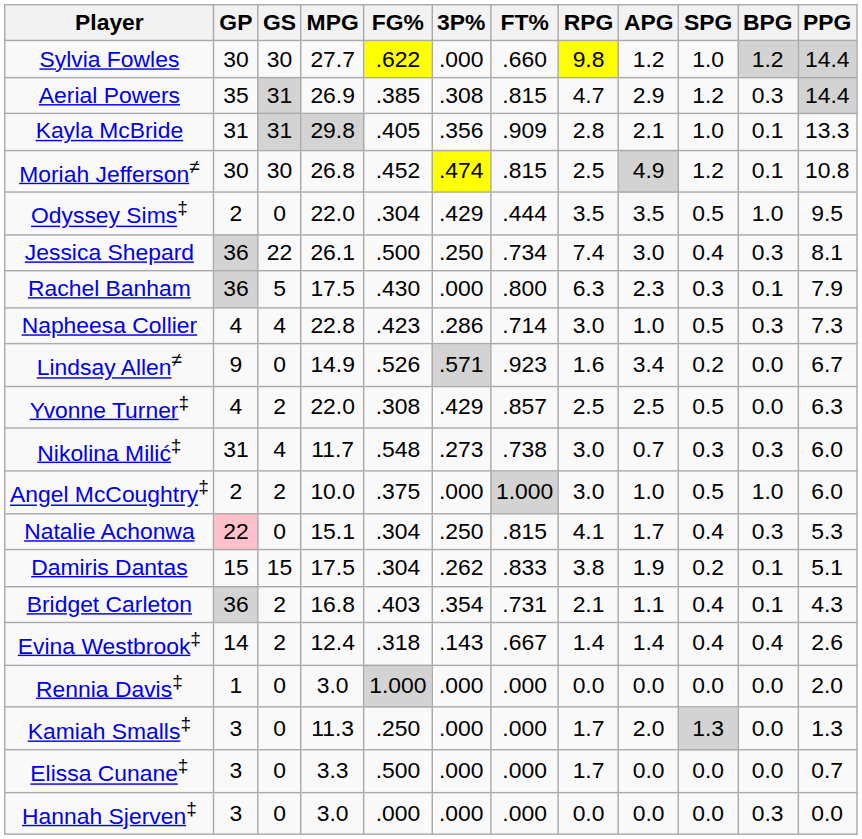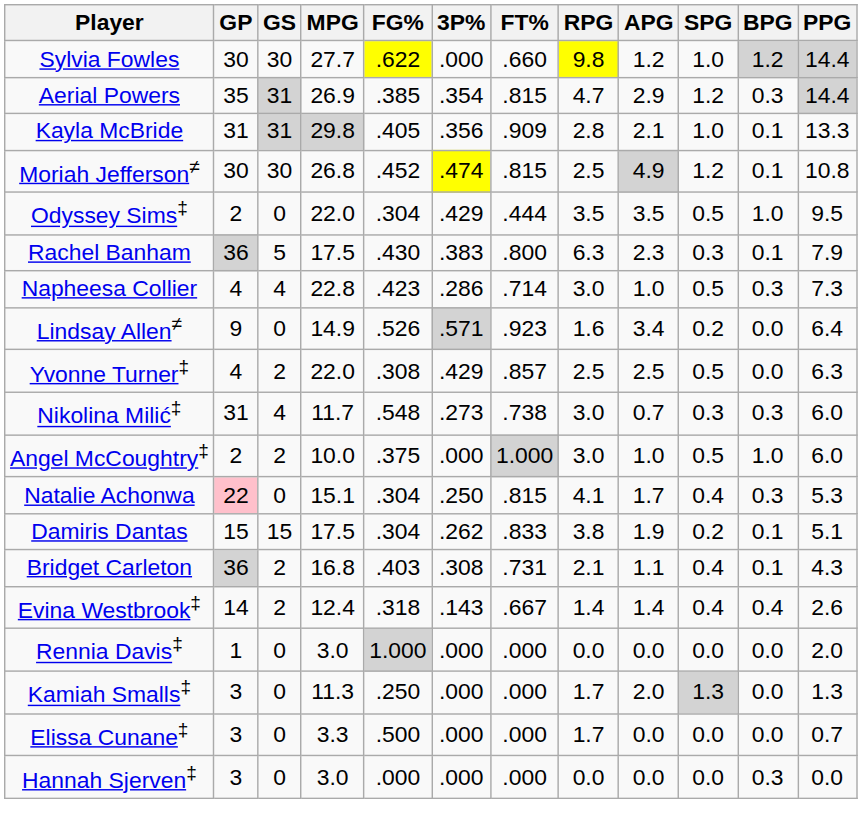 <table class="wikitable sortable" style="text-align:center">
 <tr>
 <th>Player</th>
 <th>GP</th>
 <th>GS</th>
 <th>MPG</th>
 <th>FG%</th>
 <th>3P%</th>
 <th>FT%</th>
 <th>RPG</th>
 <th>APG</th>
 <th>SPG</th>
 <th>BPG</th>
 <th>PPG</th>
 </tr>
 <tr>
 <td><a href='#'>Sylvia Fowles</a></td>
 <td>30</td>
 <td>30</td>
 <td>27.7</td>
 <td style="background:yellow;">.622</td>
 <td>.000</td>
 <td>.660</td>
 <td style="background:yellow;">9.8</td>
 <td>1.2</td>
 <td>1.0</td>
 <td style="background:#D3D3D3;">1.2</td>
 <td style="background:#D3D3D3;">14.4</td>
 </tr>
 <tr>
 <td><a href='#'>Aerial Powers</a></td>
 <td>35</td>
 <td style="background:#D3D3D3;">31</td>
 <td>26.9</td>
 <td>.385</td>
-<td>.308</td>
+<td>.354</td>
 <td>.815</td>
 <td>4.7</td>
 <td>2.9</td>
 <td>1.2</td>
 <td>0.3</td>
 <td style="background:#D3D3D3;">14.4</td>
 </tr>
 <tr>
 <td><a href='#'>Kayla McBride</a></td>
 <td>31</td>
 <td style="background:#D3D3D3;">31</td>
 <td style="background:#D3D3D3;">29.8</td>
 <td>.405</td>
 <td>.356</td>
 <td>.909</td>
 <td>2.8</td>
 <td>2.1</td>
 <td>1.0</td>
 <td>0.1</td>
 <td>13.3</td>
 </tr>
 <tr>
 <td><a href='#'>Moriah Jefferson</a><sup>≠</sup></td>
 <td>30</td>
 <td>30</td>
 <td>26.8</td>
 <td>.452</td>
 <td style="background:yellow;">.474</td>
 <td>.815</td>
 <td>2.5</td>
 <td style="background:#D3D3D3;">4.9</td>
 <td>1.2</td>
 <td>0.1</td>
 <td>10.8</td>
 </tr>
 <tr>
 <td><a href='#'>Odyssey Sims</a><sup>‡</sup></td>
 <td>2</td>
 <td>0</td>
 <td>22.0</td>
 <td>.304</td>
 <td>.429</td>
 <td>.444</td>
 <td>3.5</td>
 <td>3.5</td>
 <td>0.5</td>
 <td>1.0</td>
 <td>9.5</td>
 </tr>
 <tr>
-<td><a href='#'>Jessica Shepard</a></td>
-<td style="background:#D3D3D3;">36</td>
-<td>22</td>
-<td>26.1</td>
-<td>.500</td>
-<td>.250</td>
-<td>.734</td>
-<td>7.4</td>
-<td>3.0</td>
-<td>0.4</td>
-<td>0.3</td>
-<td>8.1</td>
-</tr>
-<tr>
 <td><a href='#'>Rachel Banham</a></td>
 <td style="background:#D3D3D3;">36</td>
 <td>5</td>
 <td>17.5</td>
 <td>.430</td>
-<td>.000</td>
+<td>.383</td>
 <td>.800</td>
 <td>6.3</td>
 <td>2.3</td>
 <td>0.3</td>
 <td>0.1</td>
 <td>7.9</td>
 </tr>
 <tr>
 <td><a href='#'>Napheesa Collier</a></td>
 <td>4</td>
 <td>4</td>
 <td>22.8</td>
 <td>.423</td>
 <td>.286</td>
 <td>.714</td>
 <td>3.0</td>
 <td>1.0</td>
 <td>0.5</td>
 <td>0.3</td>
 <td>7.3</td>
 </tr>
 <tr>
 <td><a href='#'>Lindsay Allen</a><sup>≠</sup></td>
 <td>9</td>
 <td>0</td>
 <td>14.9</td>
 <td>.526</td>
 <td style="background:#D3D3D3;">.571</td>
 <td>.923</td>
 <td>1.6</td>
 <td>3.4</td>
 <td>0.2</td>
 <td>0.0</td>
-<td>6.7</td>
+<td>6.4</td>
 </tr>
 <tr>
 <td><a href='#'>Yvonne Turner</a><sup>‡</sup></td>
 <td>4</td>
 <td>2</td>
 <td>22.0</td>
 <td>.308</td>
 <td>.429</td>
 <td>.857</td>
 <td>2.5</td>
 <td>2.5</td>
 <td>0.5</td>
 <td>0.0</td>
 <td>6.3</td>
 </tr>
 <tr>
 <td><a href='#'>Nikolina Milić</a><sup>‡</sup></td>
 <td>31</td>
 <td>4</td>
 <td>11.7</td>
 <td>.548</td>
 <td>.273</td>
 <td>.738</td>
 <td>3.0</td>
 <td>0.7</td>
 <td>0.3</td>
 <td>0.3</td>
 <td>6.0</td>
 </tr>
 <tr>
 <td><a href='#'>Angel McCoughtry</a><sup>‡</sup></td>
 <td>2</td>
 <td>2</td>
 <td>10.0</td>
 <td>.375</td>
 <td>.000</td>
 <td style="background:#D3D3D3;">1.000</td>
 <td>3.0</td>
 <td>1.0</td>
 <td>0.5</td>
 <td>1.0</td>
 <td>6.0</td>
 </tr>
 <tr>
 <td><a href='#'>Natalie Achonwa</a></td>
 <td style="background: pink;">22</td>
 <td>0</td>
 <td>15.1</td>
 <td>.304</td>
 <td>.250</td>
 <td>.815</td>
 <td>4.1</td>
 <td>1.7</td>
 <td>0.4</td>
 <td>0.3</td>
 <td>5.3</td>
 </tr>
 <tr>
 <td><a href='#'>Damiris Dantas</a></td>
 <td>15</td>
 <td>15</td>
 <td>17.5</td>
 <td>.304</td>
 <td>.262</td>
 <td>.833</td>
 <td>3.8</td>
 <td>1.9</td>
 <td>0.2</td>
 <td>0.1</td>
 <td>5.1</td>
 </tr>
 <tr>
 <td><a href='#'>Bridget Carleton</a></td>
 <td style="background:#D3D3D3;">36</td>
 <td>2</td>
 <td>16.8</td>
 <td>.403</td>
-<td>.354</td>
+<td>.308</td>
 <td>.731</td>
 <td>2.1</td>
 <td>1.1</td>
 <td>0.4</td>
 <td>0.1</td>
 <td>4.3</td>
 </tr>
 <tr>
 <td><a href='#'>Evina Westbrook</a><sup>‡</sup></td>
 <td>14</td>
 <td>2</td>
 <td>12.4</td>
 <td>.318</td>
 <td>.143</td>
 <td>.667</td>
 <td>1.4</td>
 <td>1.4</td>
 <td>0.4</td>
 <td>0.4</td>
 <td>2.6</td>
 </tr>
 <tr>
 <td><a href='#'>Rennia Davis</a><sup>‡</sup></td>
 <td>1</td>
 <td>0</td>
 <td>3.0</td>
 <td style="background:#D3D3D3;">1.000</td>
 <td>.000</td>
 <td>.000</td>
 <td>0.0</td>
 <td>0.0</td>
 <td>0.0</td>
 <td>0.0</td>
 <td>2.0</td>
 </tr>
 <tr>
 <td><a href='#'>Kamiah Smalls</a><sup>‡</sup></td>
 <td>3</td>
 <td>0</td>
 <td>11.3</td>
 <td>.250</td>
 <td>.000</td>
 <td>.000</td>
 <td>1.7</td>
 <td>2.0</td>
 <td style="background:#D3D3D3;">1.3</td>
 <td>0.0</td>
 <td>1.3</td>
 </tr>
 <tr>
 <td><a href='#'>Elissa Cunane</a><sup>‡</sup></td>
 <td>3</td>
 <td>0</td>
 <td>3.3</td>
 <td>.500</td>
 <td>.000</td>
 <td>.000</td>
 <td>1.7</td>
 <td>0.0</td>
 <td>0.0</td>
 <td>0.0</td>
 <td>0.7</td>
 </tr>
 <tr>
 <td><a href='#'>Hannah Sjerven</a><sup>‡</sup></td>
 <td>3</td>
 <td>0</td>
 <td>3.0</td>
 <td>.000</td>
 <td>.000</td>
 <td>.000</td>
 <td>0.0</td>
 <td>0.0</td>
 <td>0.0</td>
 <td>0.3</td>
 <td>0.0</td>
 </tr>
 </table>
